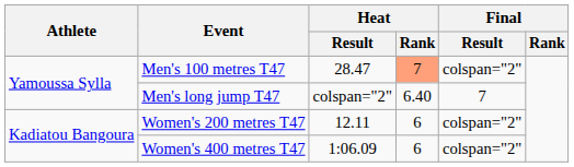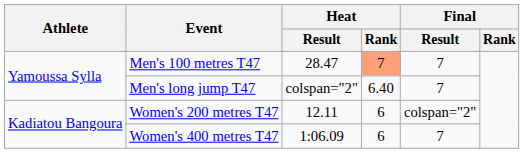 <table class="wikitable" style="text-align: center; font-size:90%">
 <tr>
 <th rowspan="2">Athlete</th>
 <th rowspan="2">Event</th>
 <th colspan="2">Heat</th>
 <th colspan="2">Final</th>
 </tr>
 <tr style="font-size:95%">
 <th>Result</th>
 <th>Rank</th>
 <th>Result</th>
 <th>Rank</th>
 </tr>
 <tr>
 <td align=left rowspan="2"><a href='#'>Yamoussa Sylla</a></td>
 <td align=left><a href='#'>Men's 100 metres T47</a></td>
 <td>28.47 </td>
 <td style="background: lightsalmon;">7</td>
-<td>colspan="2" </td>
+<td>7</td>
 </tr>
 <tr>
 <td align=left><a href='#'>Men's long jump T47</a></td>
 <td>colspan="2" </td>
 <td>6.40</td>
 <td>7</td>
 </tr>
 <tr>
 <td align=left rowspan="2"><a href='#'>Kadiatou Bangoura</a></td>
 <td align=left><a href='#'>Women's 200 metres T47</a></td>
 <td>12.11</td>
 <td>6</td>
 <td>colspan="2" </td>
 </tr>
 <tr>
 <td align=left><a href='#'>Women's 400 metres T47</a></td>
 <td>1:06.09</td>
 <td>6</td>
-<td>colspan="2" </td>
+<td>7</td>
 </tr>
 </table>
